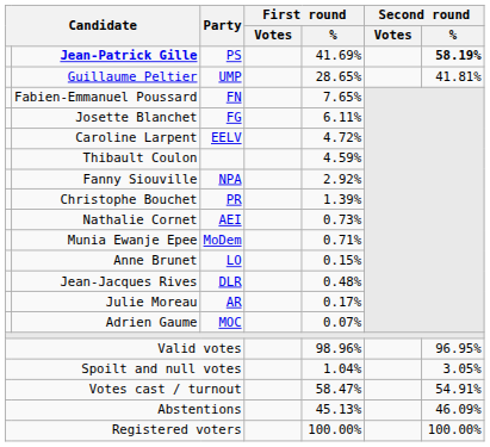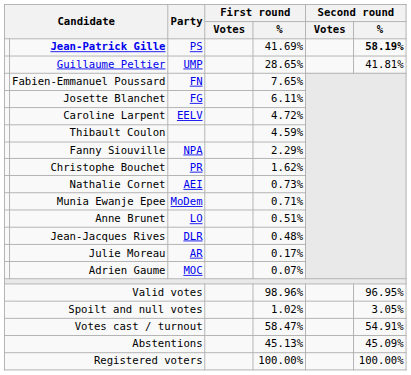 <table class="wikitable" style="text-align:right;font-size:95%;">
 <tr>
 <th rowspan=2 colspan=2>Candidate</th>
 <th rowspan=2 colspan=1>Party</th>
 <th colspan=2>First round</th>
 <th colspan=2>Second round</th>
 </tr>
 <tr>
 <th style="width:50px;">Votes</th>
 <th style="width:55px;">%</th>
 <th style="width:50px;">Votes</th>
 <th style="width:55px;">%</th>
 </tr>
 <tr>
 <td style="color:inherit;background-color:"></td>
 <td><strong><a href='#'>Jean-Patrick Gille</a></strong></td>
 <td><a href='#'>PS</a></td>
 <td></td>
 <td>41.69%</td>
 <td><strong></strong></td>
 <td><strong>58.19%</strong></td>
 </tr>
 <tr>
 <td style="color:inherit;background-color:"></td>
 <td><a href='#'>Guillaume Peltier</a></td>
 <td><a href='#'>UMP</a></td>
 <td></td>
 <td>28.65%</td>
 <td></td>
 <td>41.81%</td>
 </tr>
 <tr>
 <td style="color:inherit;background-color:"></td>
 <td>Fabien-Emmanuel Poussard</td>
 <td><a href='#'>FN</a></td>
 <td></td>
 <td>7.65%</td>
 <td colspan=7 rowspan=12 style="background-color:#E9E9E9;"></td>
 </tr>
 <tr>
 <td style="color:inherit;background-color:"></td>
 <td>Josette Blanchet</td>
 <td><a href='#'>FG</a></td>
 <td></td>
 <td>6.11%</td>
 </tr>
 <tr>
 <td style="color:inherit;background-color:"></td>
 <td>Caroline Larpent</td>
 <td><a href='#'>EELV</a></td>
 <td></td>
 <td>4.72%</td>
 </tr>
 <tr>
 <td style="background-color:;"></td>
 <td>Thibault Coulon</td>
 <td></td>
 <td></td>
 <td>4.59%</td>
 </tr>
 <tr>
 <td style="color:inherit;background-color:"></td>
 <td>Fanny Siouville</td>
 <td><a href='#'>NPA</a></td>
 <td></td>
-<td>2.92%</td>
+<td>2.29%</td>
 </tr>
 <tr>
 <td style="color:inherit;background-color:"></td>
 <td>Christophe Bouchet</td>
 <td><a href='#'>PR</a></td>
 <td></td>
-<td>1.39%</td>
+<td>1.62%</td>
 </tr>
 <tr>
 <td style="color:inherit;background-color:"></td>
 <td>Nathalie Cornet</td>
 <td><a href='#'>AEI</a></td>
 <td></td>
 <td>0.73%</td>
 </tr>
 <tr>
 <td style="color:inherit;background-color:"></td>
 <td>Munia Ewanje Epee</td>
 <td><a href='#'>MoDem</a></td>
 <td></td>
 <td>0.71%</td>
 </tr>
 <tr>
 <td style="color:inherit;background-color:"></td>
 <td>Anne Brunet</td>
 <td><a href='#'>LO</a></td>
 <td></td>
-<td>0.15%</td>
+<td>0.51%</td>
 </tr>
 <tr>
 <td style="color:inherit;background-color:"></td>
 <td>Jean-Jacques Rives</td>
 <td><a href='#'>DLR</a></td>
 <td></td>
 <td>0.48%</td>
 </tr>
 <tr>
 <td style="color:inherit;background-color:"></td>
 <td>Julie Moreau</td>
 <td><a href='#'>AR</a></td>
 <td></td>
 <td>0.17%</td>
 </tr>
 <tr>
 <td style="color:inherit;background-color:"></td>
 <td>Adrien Gaume</td>
 <td><a href='#'>MOC</a></td>
 <td></td>
 <td>0.07%</td>
 </tr>
 <tr>
 <td colspan=7 style="background-color:#E9E9E9;"></td>
 </tr>
 <tr>
 <td colspan=3>Valid votes</td>
 <td></td>
 <td>98.96%</td>
 <td></td>
 <td>96.95%</td>
 </tr>
 <tr>
 <td colspan=3>Spoilt and null votes</td>
 <td></td>
-<td>1.04%</td>
+<td>1.02%</td>
 <td></td>
 <td>3.05%</td>
 </tr>
 <tr>
 <td colspan=3>Votes cast / turnout</td>
 <td></td>
 <td>58.47%</td>
 <td></td>
 <td>54.91%</td>
 </tr>
 <tr>
 <td colspan=3>Abstentions</td>
 <td></td>
 <td>45.13%</td>
 <td></td>
-<td>46.09%</td>
+<td>45.09%</td>
 </tr>
 <tr>
 <td colspan=3>Registered voters</td>
 <td></td>
 <td>100.00%</td>
 <td></td>
 <td>100.00%</td>
 </tr>
 </table>
